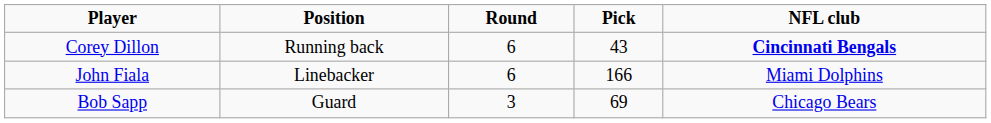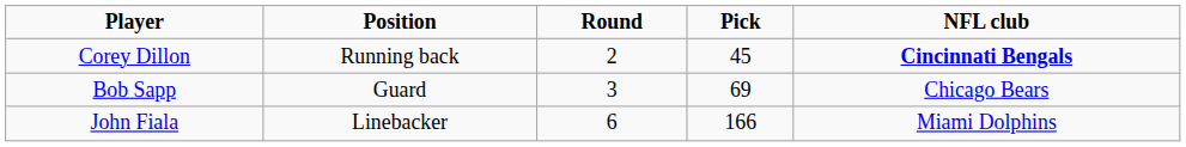 <table class="wikitable" width="70%">
 <tr align="center">
 <td><strong>Player</strong></td>
 <td><strong>Position</strong></td>
 <td><strong>Round</strong></td>
 <td><strong>Pick</strong></td>
 <td><strong>NFL club</strong></td>
 </tr>
 <tr align="center" bgcolor="">
 <td><a href='#'>Corey Dillon</a></td>
 <td>Running back</td>
-<td>6</td>
-<td>43</td>
+<td>2</td>
+<td>45</td>
 <td><strong><a href='#'>Cincinnati Bengals</a></strong></td>
+</tr>
+<tr align="center" bgcolor="">
+<td><a href='#'>Bob Sapp</a></td>
+<td>Guard</td>
+<td>3</td>
+<td>69</td>
+<td><a href='#'>Chicago Bears</a></td>
 </tr>
 <tr align="center" bgcolor="">
 <td><a href='#'>John Fiala</a></td>
 <td>Linebacker</td>
 <td>6</td>
 <td>166</td>
 <td><a href='#'>Miami Dolphins</a></td>
 </tr>
-<tr align="center" bgcolor="">
-<td><a href='#'>Bob Sapp</a></td>
-<td>Guard</td>
-<td>3</td>
-<td>69</td>
-<td><a href='#'>Chicago Bears</a></td>
-</tr>
 </table>
